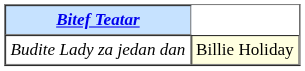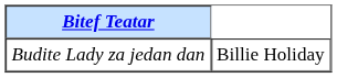 <table border="1" cellpadding="4" cellspacing="0">
 <tr bgcolor="#C6E2FF">
 <th><em><a href='#'>Bitef Teatar</a></em></th>
 </tr>
 <tr>
 <td><em>Budite Lady za jedan dan</em></td>
-<td style="background: lightyellow;">Billie Holiday</td>
+<td>Billie Holiday</td>
 </tr>
 </table>
